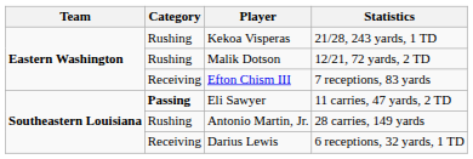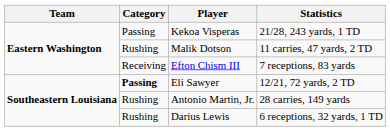 <table class="wikitable" style="float: right;">
 <tr>
 <th>Team</th>
 <th>Category</th>
 <th>Player</th>
 <th>Statistics</th>
 </tr>
 <tr>
 <td rowspan=3><strong>Eastern Washington</strong></td>
-<td>Rushing</td>
+<td>Passing</td>
 <td>Kekoa Visperas</td>
 <td>21/28, 243 yards, 1 TD</td>
 </tr>
 <tr>
 <td>Rushing</td>
 <td>Malik Dotson</td>
-<td>12/21, 72 yards, 2 TD</td>
+<td>11 carries, 47 yards, 2 TD</td>
 </tr>
 <tr>
 <td>Receiving</td>
 <td><a href='#'>Efton Chism III</a></td>
 <td>7 receptions, 83 yards</td>
 </tr>
 <tr>
 <td rowspan=3><strong>Southeastern Louisiana</strong></td>
 <td><strong>Passing</strong></td>
 <td>Eli Sawyer</td>
-<td>11 carries, 47 yards, 2 TD</td>
+<td>12/21, 72 yards, 2 TD</td>
 </tr>
 <tr>
 <td>Rushing</td>
 <td>Antonio Martin, Jr.</td>
 <td>28 carries, 149 yards</td>
 </tr>
 <tr>
-<td>Receiving</td>
+<td>Rushing</td>
 <td>Darius Lewis</td>
 <td>6 receptions, 32 yards, 1 TD</td>
 </tr>
 </table>
